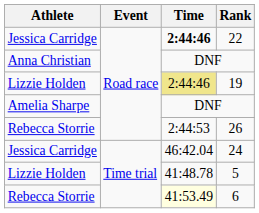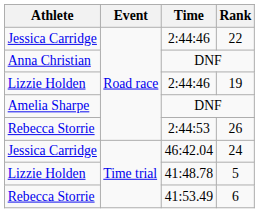 <table class=wikitable style="font-size:90%;">
 <tr>
 <th>Athlete</th>
 <th>Event</th>
 <th>Time</th>
 <th>Rank</th>
 </tr>
 <tr align=center>
 <td align=left><a href='#'>Jessica Carridge</a></td>
 <td align=left rowspan=5><a href='#'>Road race</a></td>
-<td><strong>2:44:46</strong></td>
+<td>2:44:46</td>
 <td>22</td>
 </tr>
 <tr align=center>
 <td align=left><a href='#'>Anna Christian</a></td>
 <td colspan=2>DNF</td>
 </tr>
 <tr align=center>
 <td align=left><a href='#'>Lizzie Holden</a></td>
-<td style="background: khaki;">2:44:46</td>
+<td>2:44:46</td>
 <td>19</td>
 </tr>
 <tr align=center>
 <td align=left><a href='#'>Amelia Sharpe</a></td>
 <td colspan=2>DNF</td>
 </tr>
 <tr align=center>
 <td align=left><a href='#'>Rebecca Storrie</a></td>
 <td>2:44:53</td>
 <td>26</td>
 </tr>
 <tr align=center>
 <td align=left><a href='#'>Jessica Carridge</a></td>
 <td align=left rowspan=3><a href='#'>Time trial</a></td>
 <td>46:42.04</td>
 <td>24</td>
 </tr>
 <tr align=center>
 <td align=left><a href='#'>Lizzie Holden</a></td>
 <td>41:48.78</td>
 <td>5</td>
 </tr>
 <tr align=center>
 <td align=left><a href='#'>Rebecca Storrie</a></td>
-<td style="background: lightyellow;">41:53.49</td>
+<td>41:53.49</td>
 <td>6</td>
 </tr>
 </table>
